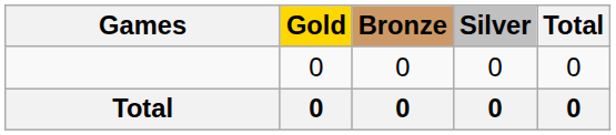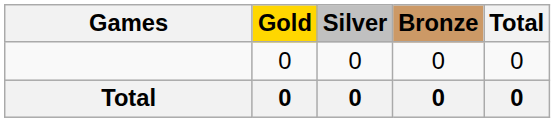 <table class="wikitable sortable plainrowheaders" border="1" style="text-align:center;">
 <tr>
 <th scope="col" style="width:10em;">Games</th>
 <th scope="col" style="background-color:gold; font-weight:bold;">Gold</th>
+<th scope="col" style="background-color:silver; font-weight:bold;">Silver</th>
 <th scope="col" style="background-color:#cc9966; font-weight:bold;">Bronze</th>
-<th scope="col" style="background-color:silver; font-weight:bold;">Silver</th>
 <th scope="col">Total</th>
 </tr>
 <tr>
 <td align=left></td>
 <td>0</td>
 <td>0</td>
 <td>0</td>
 <td>0</td>
 </tr>
 <tr>
 <th>Total</th>
 <th>0</th>
 <th>0</th>
 <th>0</th>
 <th>0</th>
 </tr>
 </table>
